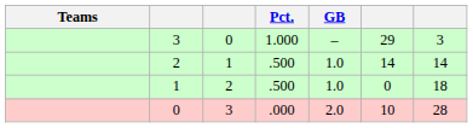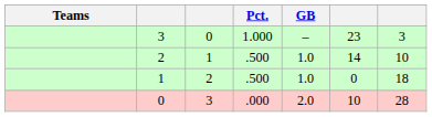 <table class="wikitable" style="text-align: center;">
 <tr>
 <th style="width: 150px;">Teams</th>
 <th style="width: 50px;"></th>
 <th style="width: 50px;"></th>
 <th style="width: 50px;"><a href='#'>Pct.</a></th>
 <th style="width: 50px;"><a href='#'>GB</a></th>
 <th style="width: 50px;"></th>
 <th style="width: 50px;"></th>
 </tr>
 <tr style="background: #CFC;">
 <td style="text-align: left;"></td>
 <td>3</td>
 <td>0</td>
 <td>1.000</td>
 <td>–</td>
-<td>29</td>
+<td>23</td>
 <td>3</td>
 </tr>
 <tr style="background: #CFC;">
 <td style="text-align: left;"></td>
 <td>2</td>
 <td>1</td>
 <td>.500</td>
 <td>1.0</td>
 <td>14</td>
-<td>14</td>
+<td>10</td>
 </tr>
 <tr style="background: #CFC;">
 <td style="text-align: left;"></td>
 <td>1</td>
 <td>2</td>
 <td>.500</td>
 <td>1.0</td>
 <td>0</td>
 <td>18</td>
 </tr>
 <tr style="background: #FCC;">
 <td style="text-align: left;"></td>
 <td>0</td>
 <td>3</td>
 <td>.000</td>
 <td>2.0</td>
 <td>10</td>
 <td>28</td>
 </tr>
 </table>
